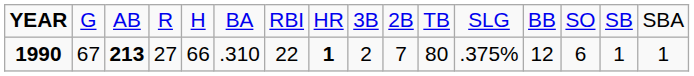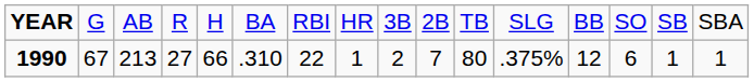 <table class="wikitable">
 <tr align=center>
 <td><strong>YEAR</strong></td>
 <td><a href='#'>G</a></td>
 <td><a href='#'>AB</a></td>
 <td><a href='#'>R</a></td>
 <td><a href='#'>H</a></td>
 <td><a href='#'>BA</a></td>
 <td><a href='#'>RBI</a></td>
 <td><a href='#'>HR</a></td>
 <td><a href='#'>3B</a></td>
 <td><a href='#'>2B</a></td>
 <td><a href='#'>TB</a></td>
 <td><a href='#'>SLG</a></td>
 <td><a href='#'>BB</a></td>
 <td><a href='#'>SO</a></td>
 <td><a href='#'>SB</a></td>
 <td>SBA</td>
 </tr>
 <tr align=center>
 <td><strong>1990</strong></td>
 <td>67</td>
-<td><strong>213</strong></td>
+<td>213</td>
 <td>27</td>
 <td>66</td>
 <td>.310</td>
 <td>22</td>
-<td><strong>1</strong></td>
+<td>1</td>
 <td>2</td>
 <td>7</td>
 <td>80</td>
 <td>.375%</td>
 <td>12</td>
 <td>6</td>
 <td>1</td>
 <td>1</td>
 </tr>
 </table>
